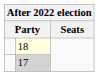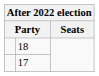 <table class="wikitable">
 <tr>
 <th colspan="3">After 2022 election</th>
 </tr>
 <tr>
 <th colspan="2">Party</th>
 <th>Seats</th>
 </tr>
 <tr>
 <td></td>
-<td style="background: lightyellow;">18</td>
+<td>18</td>
 </tr>
 <tr>
 <td></td>
-<td style="background: lightgrey;">17</td>
+<td>17</td>
 </tr>
 </table>
